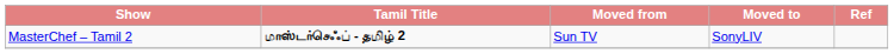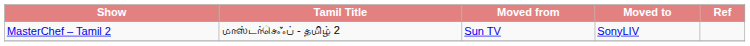 <table class="wikitable" width="85%">
 <tr>
 <th scope="col" style ="background: #E38181 ;color:white">Show</th>
 <th scope="col" style ="background: #E38181 ;color:white">Tamil Title</th>
 <th scope="col" style ="background: #E38181 ;color:white">Moved from</th>
 <th scope="col" style ="background: #E38181 ;color:white">Moved to</th>
 <th scope="col" style ="background: #E38181 ;color:white">Ref</th>
 </tr>
 <tr>
 <td><a href='#'>MasterChef – Tamil 2</a></td>
-<td><strong>மாஸ்டர்செஃப் - தமிழ் 2</strong></td>
+<td>மாஸ்டர்செஃப் - தமிழ் 2</td>
 <td><a href='#'>Sun TV</a></td>
 <td><a href='#'>SonyLIV</a></td>
 <td></td>
 </tr>
 <tr>
 </tr>
 </table>
